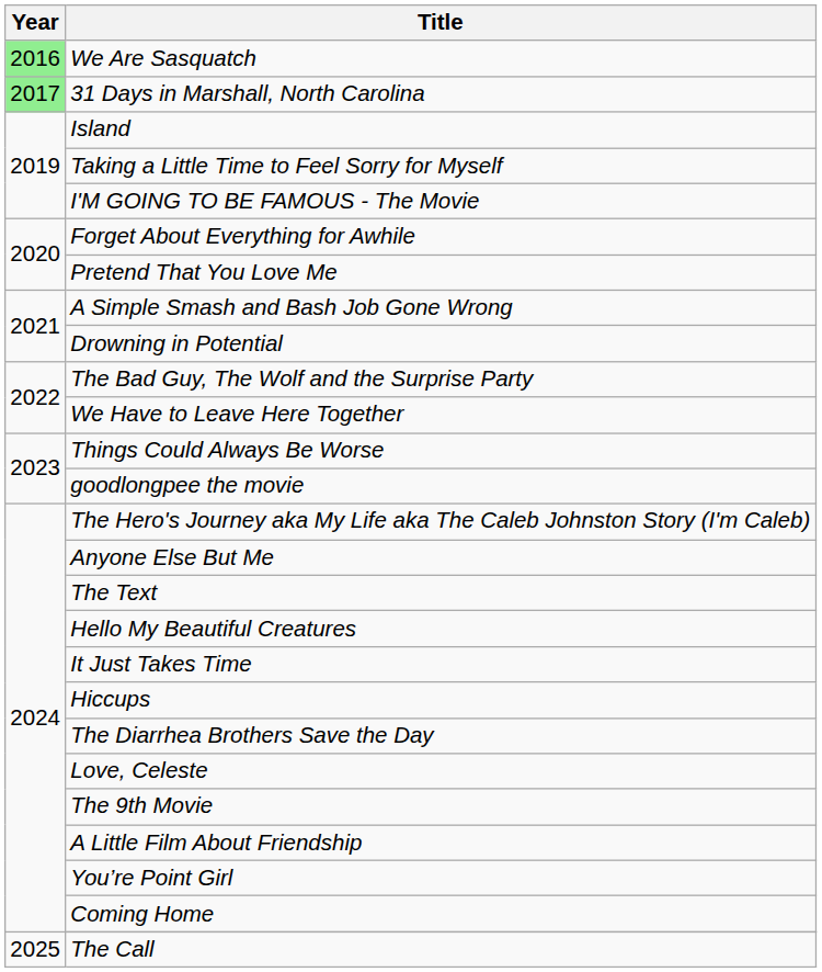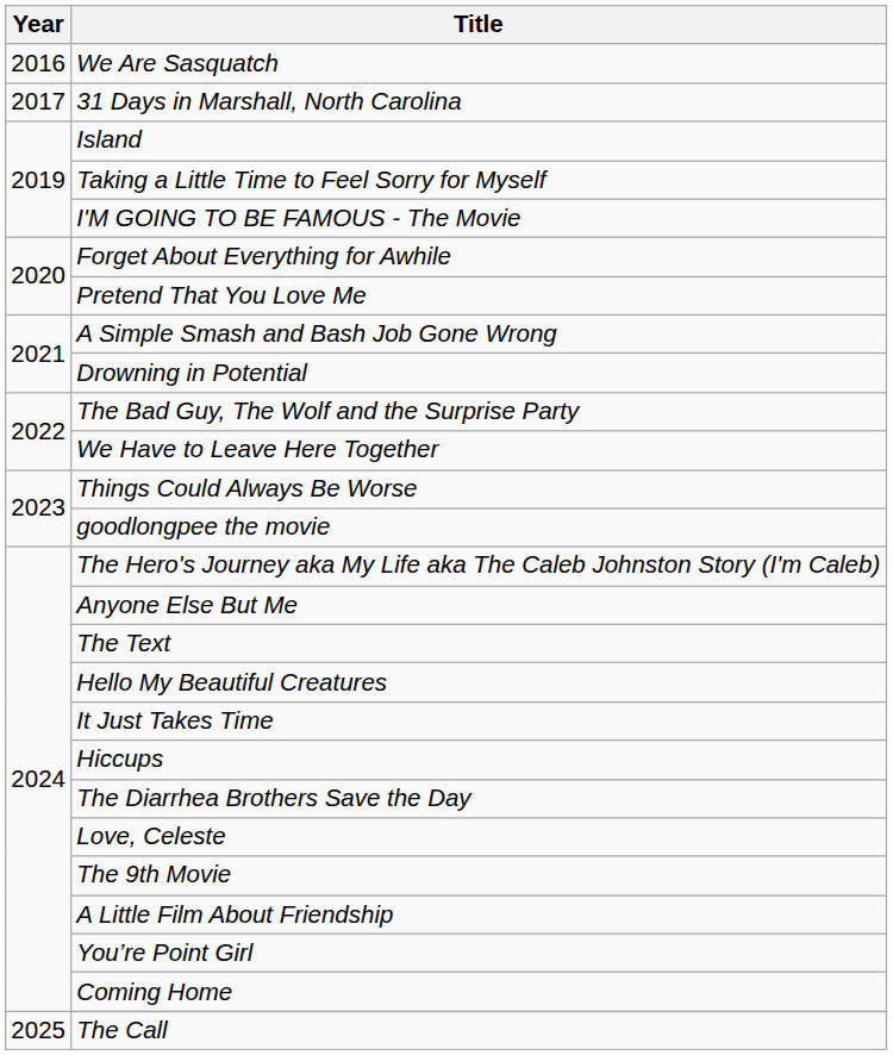 <table class="wikitable">
 <tr>
 <th>Year</th>
 <th>Title</th>
 </tr>
 <tr>
-<td style="background: lightgreen;">2016</td>
+<td>2016</td>
 <td><em>We Are Sasquatch</em></td>
 </tr>
 <tr>
-<td style="background: lightgreen;">2017</td>
+<td>2017</td>
 <td><em>31 Days in Marshall, North Carolina</em></td>
 </tr>
 <tr>
 <td rowspan="3">2019</td>
 <td><em>Island</em></td>
 </tr>
 <tr>
 <td><em>Taking a Little Time to Feel Sorry for Myself</em></td>
 </tr>
 <tr>
 <td><em>I'M GOING TO BE FAMOUS - The Movie</em></td>
 </tr>
 <tr>
 <td rowspan="2">2020</td>
 <td><em>Forget About Everything for Awhile</em></td>
 </tr>
 <tr>
 <td><em>Pretend That You Love Me</em></td>
 </tr>
 <tr>
 <td rowspan="2">2021</td>
 <td><em>A Simple Smash and Bash Job Gone Wrong</em></td>
 </tr>
 <tr>
 <td><em>Drowning in Potential</em></td>
 </tr>
 <tr>
 <td rowspan="2">2022</td>
 <td><em>The Bad Guy, The Wolf and the Surprise Party</em></td>
 </tr>
 <tr>
 <td><em>We Have to Leave Here Together</em></td>
 </tr>
 <tr>
 <td rowspan="2">2023</td>
 <td><em>Things Could Always Be Worse</em></td>
 </tr>
 <tr>
 <td><em>goodlongpee the movie</em></td>
 </tr>
 <tr>
 <td rowspan="12">2024</td>
 <td><em>The Hero's Journey aka My Life aka The Caleb Johnston Story (I'm Caleb)</em></td>
 </tr>
 <tr>
 <td><em>Anyone Else But Me</em></td>
 </tr>
 <tr>
 <td><em>The Text</em></td>
 </tr>
 <tr>
 <td><em>Hello My Beautiful Creatures</em></td>
 </tr>
 <tr>
 <td><em>It Just Takes Time</em></td>
 </tr>
 <tr>
 <td><em>Hiccups</em></td>
 </tr>
 <tr>
 <td><em>The Diarrhea Brothers Save the Day</em></td>
 </tr>
 <tr>
 <td><em>Love, Celeste</em></td>
 </tr>
 <tr>
 <td><em>The 9th Movie</em></td>
 </tr>
 <tr>
 <td><em>A Little Film About Friendship</em></td>
 </tr>
 <tr>
 <td><em>You’re Point Girl</em></td>
 </tr>
 <tr>
 <td><em>Coming Home</em></td>
 </tr>
 <tr>
 <td rowspan="12">2025</td>
 </tr>
 <tr>
 <td><em>The Call</em></td>
 </tr>
 </table>
